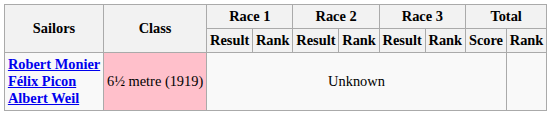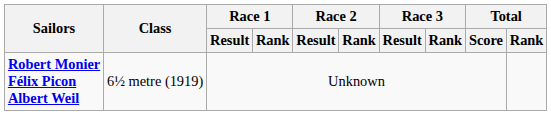 <table class=wikitable style="font-size:90%">
 <tr>
 <th rowspan=2>Sailors</th>
 <th rowspan=2>Class</th>
 <th colspan=2>Race 1</th>
 <th colspan=2>Race 2</th>
 <th colspan=2>Race 3</th>
 <th colspan=2>Total</th>
 </tr>
 <tr>
 <th>Result</th>
 <th>Rank</th>
 <th>Result</th>
 <th>Rank</th>
 <th>Result</th>
 <th>Rank</th>
 <th>Score</th>
 <th>Rank</th>
 </tr>
 <tr>
 <td><strong><a href='#'>Robert Monier</a> <br> <a href='#'>Félix Picon</a> <br> <a href='#'>Albert Weil</a></strong></td>
-<td style="background: pink;">6½ metre (1919)</td>
+<td>6½ metre (1919)</td>
 <td align=center colspan=7>Unknown</td>
 <td align=center></td>
 </tr>
 </table>
